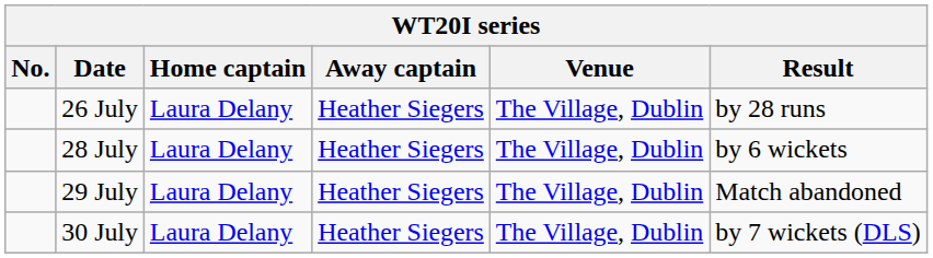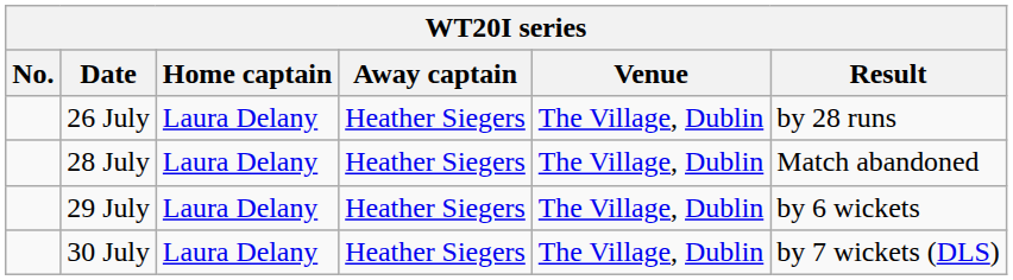 <table class="wikitable">
 <tr>
 <th colspan="9">WT20I series</th>
 </tr>
 <tr>
 <th>No.</th>
 <th>Date</th>
 <th>Home captain</th>
 <th>Away captain</th>
 <th>Venue</th>
 <th>Result</th>
 </tr>
 <tr>
 <td></td>
 <td>26 July</td>
 <td><a href='#'>Laura Delany</a></td>
 <td><a href='#'>Heather Siegers</a></td>
 <td><a href='#'>The Village</a>, <a href='#'>Dublin</a></td>
 <td> by 28 runs</td>
 </tr>
 <tr>
 <td></td>
 <td>28 July</td>
 <td><a href='#'>Laura Delany</a></td>
 <td><a href='#'>Heather Siegers</a></td>
 <td><a href='#'>The Village</a>, <a href='#'>Dublin</a></td>
-<td> by 6 wickets</td>
+<td>Match abandoned</td>
 </tr>
 <tr>
 <td></td>
 <td>29 July</td>
 <td><a href='#'>Laura Delany</a></td>
 <td><a href='#'>Heather Siegers</a></td>
 <td><a href='#'>The Village</a>, <a href='#'>Dublin</a></td>
-<td>Match abandoned</td>
+<td> by 6 wickets</td>
 </tr>
 <tr>
 <td></td>
 <td>30 July</td>
 <td><a href='#'>Laura Delany</a></td>
 <td><a href='#'>Heather Siegers</a></td>
 <td><a href='#'>The Village</a>, <a href='#'>Dublin</a></td>
 <td> by 7 wickets (<a href='#'>DLS</a>)</td>
 </tr>
 </table>
